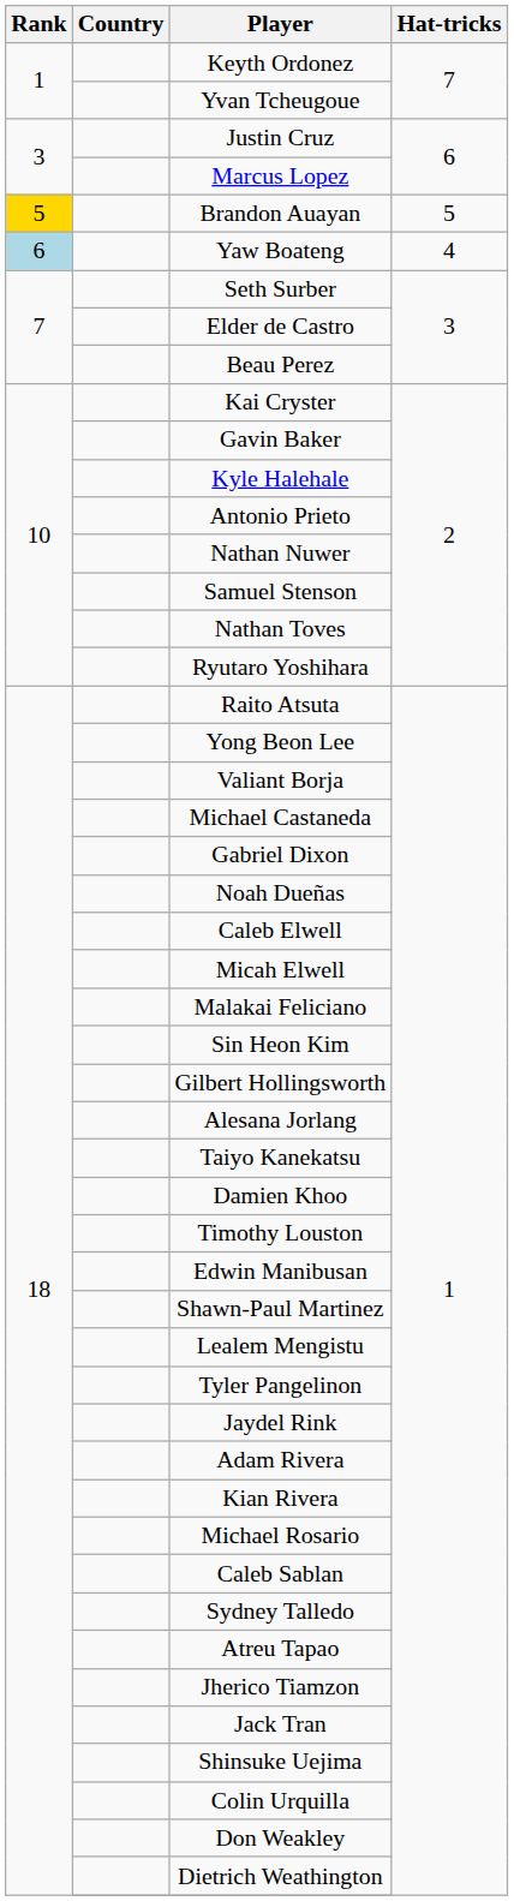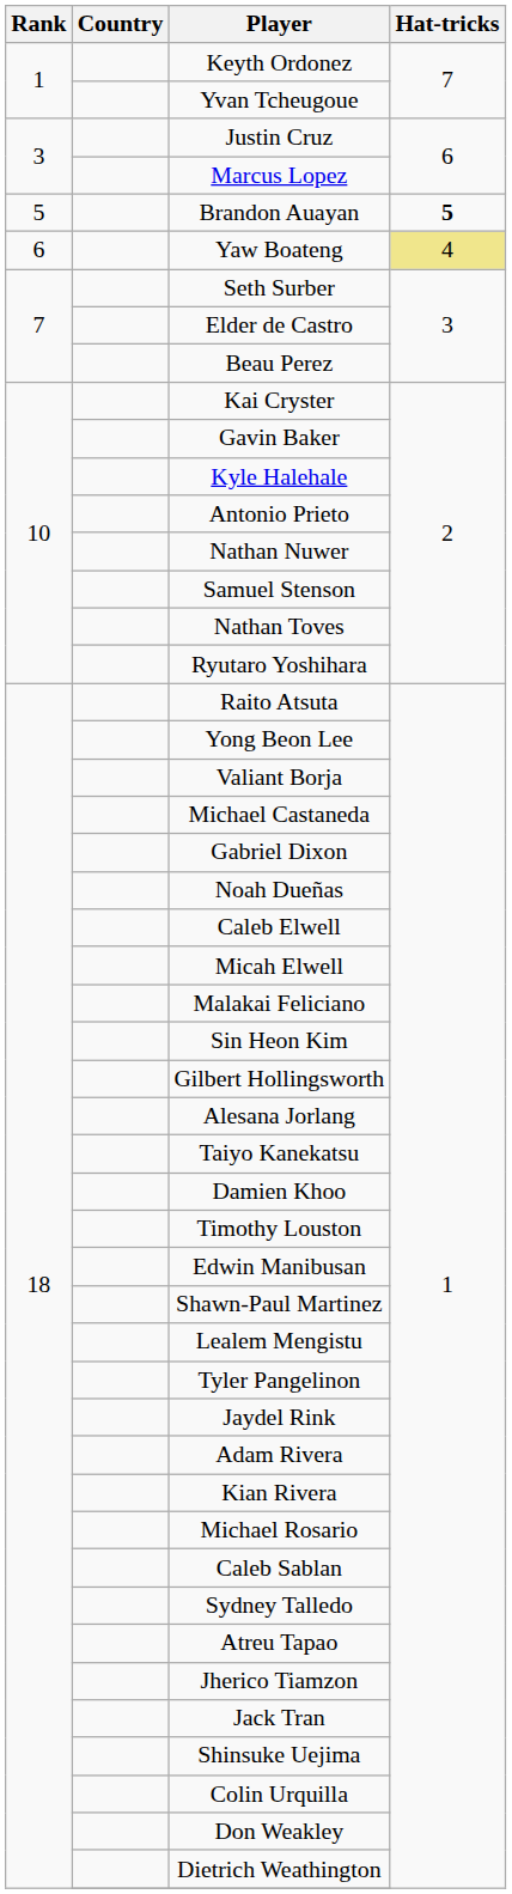 <table class="wikitable" style="text-align:center;">
 <tr>
 <th>Rank</th>
 <th>Country</th>
 <th>Player</th>
 <th>Hat-tricks</th>
 </tr>
 <tr>
 <td rowspan=2>1</td>
 <td></td>
 <td>Keyth Ordonez</td>
 <td rowspan=2>7</td>
 </tr>
 <tr>
 <td></td>
 <td>Yvan Tcheugoue</td>
 </tr>
 <tr>
 <td rowspan=2>3</td>
 <td></td>
 <td>Justin Cruz</td>
 <td rowspan=2>6</td>
 </tr>
 <tr>
 <td></td>
 <td><a href='#'>Marcus Lopez</a></td>
 </tr>
 <tr>
-<td rowspan=1 style="background: gold;">5</td>
+<td rowspan=1>5</td>
 <td></td>
 <td>Brandon Auayan</td>
-<td rowspan=1>5</td>
+<td rowspan=1><strong>5</strong></td>
 </tr>
 <tr>
-<td style="background: lightblue;">6</td>
+<td>6</td>
 <td></td>
 <td>Yaw Boateng</td>
-<td>4</td>
+<td style="background: khaki;">4</td>
 </tr>
 <tr>
 <td rowspan=3>7</td>
 <td></td>
 <td>Seth Surber</td>
 <td rowspan=3>3</td>
 </tr>
 <tr>
 <td></td>
 <td>Elder de Castro</td>
 </tr>
 <tr>
 <td></td>
 <td>Beau Perez</td>
 </tr>
 <tr>
 <td rowspan=8>10</td>
 <td></td>
 <td>Kai Cryster</td>
 <td rowspan=8>2</td>
 </tr>
 <tr>
 <td></td>
 <td>Gavin Baker</td>
 </tr>
 <tr>
 <td></td>
 <td><a href='#'>Kyle Halehale</a></td>
 </tr>
 <tr>
 <td></td>
 <td>Antonio Prieto</td>
 </tr>
 <tr>
 <td></td>
 <td>Nathan Nuwer</td>
 </tr>
 <tr>
 <td></td>
 <td>Samuel Stenson</td>
 </tr>
 <tr>
 <td></td>
 <td>Nathan Toves</td>
 </tr>
 <tr>
 <td></td>
 <td>Ryutaro Yoshihara</td>
 </tr>
 <tr>
 <td rowspan=40>18</td>
 <td></td>
 <td>Raito Atsuta</td>
 <td rowspan=40>1</td>
 </tr>
 <tr>
 <td></td>
 <td>Yong Beon Lee</td>
 </tr>
 <tr>
 <td></td>
 <td>Valiant Borja</td>
 </tr>
 <tr>
 <td></td>
 <td>Michael Castaneda</td>
 </tr>
 <tr>
 <td></td>
 <td>Gabriel Dixon</td>
 </tr>
 <tr>
 <td></td>
 <td>Noah Dueñas</td>
 </tr>
 <tr>
 <td></td>
 <td>Caleb Elwell</td>
 </tr>
 <tr>
 <td></td>
 <td>Micah Elwell</td>
 </tr>
 <tr>
 <td></td>
 <td>Malakai Feliciano</td>
 </tr>
 <tr>
 <td></td>
 <td>Sin Heon Kim</td>
 </tr>
 <tr>
 <td></td>
 <td>Gilbert Hollingsworth</td>
 </tr>
 <tr>
 <td></td>
 <td>Alesana Jorlang</td>
 </tr>
 <tr>
 <td></td>
 <td>Taiyo Kanekatsu</td>
 </tr>
 <tr>
 <td></td>
 <td>Damien Khoo</td>
 </tr>
 <tr>
 <td></td>
 <td>Timothy Louston</td>
 </tr>
 <tr>
 <td></td>
 <td>Edwin Manibusan</td>
 </tr>
 <tr>
 <td></td>
 <td>Shawn-Paul Martinez</td>
 </tr>
 <tr>
 <td></td>
 <td>Lealem Mengistu</td>
 </tr>
 <tr>
 <td></td>
 <td>Tyler Pangelinon</td>
 </tr>
 <tr>
 <td></td>
 <td>Jaydel Rink</td>
 </tr>
 <tr>
 <td></td>
 <td>Adam Rivera</td>
 </tr>
 <tr>
 <td></td>
 <td>Kian Rivera</td>
 </tr>
 <tr>
 <td></td>
 <td>Michael Rosario</td>
 </tr>
 <tr>
 <td></td>
 <td>Caleb Sablan</td>
 </tr>
 <tr>
 <td></td>
 <td>Sydney Talledo</td>
 </tr>
 <tr>
 <td></td>
 <td>Atreu Tapao</td>
 </tr>
 <tr>
 <td></td>
 <td>Jherico Tiamzon</td>
 </tr>
 <tr>
 <td></td>
 <td>Jack Tran</td>
 </tr>
 <tr>
 <td></td>
 <td>Shinsuke Uejima</td>
 </tr>
 <tr>
 <td></td>
 <td>Colin Urquilla</td>
 </tr>
 <tr>
 <td></td>
 <td>Don Weakley</td>
 </tr>
 <tr>
 <td></td>
 <td>Dietrich Weathington</td>
 </tr>
 <tr>
 </tr>
 </table>
